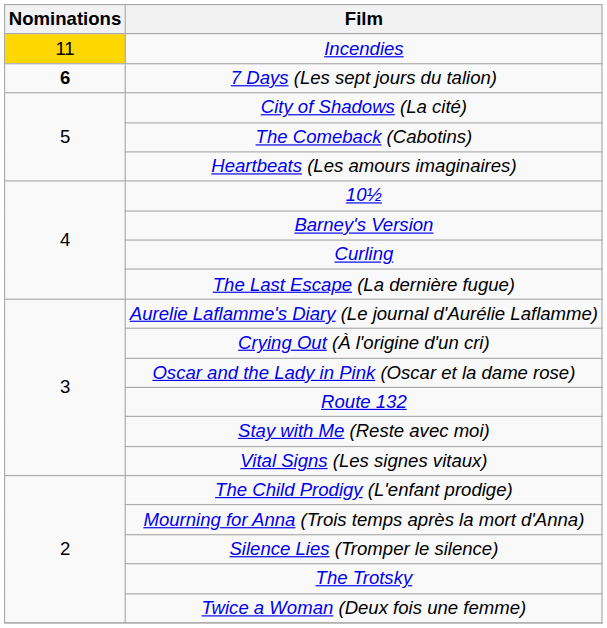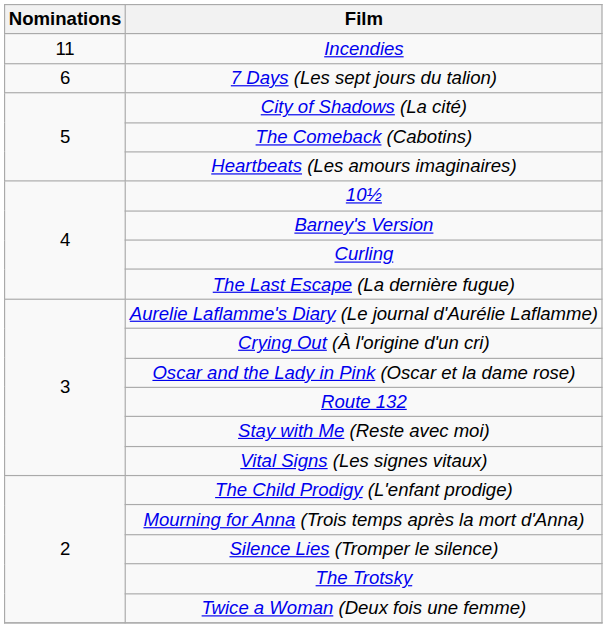 <table class="wikitable" style="text-align:center;">
 <tr>
 <th scope="col" width="17">Nominations</th>
 <th scope="col" align="center">Film</th>
 </tr>
 <tr>
-<td rowspan="1" style="background: gold; text-align:center;">11</td>
+<td rowspan="1" style="text-align:center;">11</td>
 <td><em><a href='#'>Incendies</a></em></td>
 </tr>
 <tr>
-<td rowspan="1" style="text-align:center;"><strong>6</strong></td>
+<td rowspan="1" style="text-align:center;">6</td>
 <td><em><a href='#'>7 Days</a> (Les sept jours du talion)</em></td>
 </tr>
 <tr>
 <td rowspan="3" style="text-align:center;">5</td>
 <td><em><a href='#'>City of Shadows</a> (La cité)</em></td>
 </tr>
 <tr>
 <td><em><a href='#'>The Comeback</a> (Cabotins)</em></td>
 </tr>
 <tr>
 <td><em><a href='#'>Heartbeats</a> (Les amours imaginaires)</em></td>
 </tr>
 <tr>
 <td rowspan="4" style="text-align:center;">4</td>
 <td><em><a href='#'>10½</a></em></td>
 </tr>
 <tr>
 <td><em><a href='#'>Barney's Version</a></em></td>
 </tr>
 <tr>
 <td><em><a href='#'>Curling</a></em></td>
 </tr>
 <tr>
 <td><em><a href='#'>The Last Escape</a> (La dernière fugue)</em></td>
 </tr>
 <tr>
 <td rowspan="6" style="text-align:center;">3</td>
 <td><em><a href='#'>Aurelie Laflamme's Diary</a> (Le journal d'Aurélie Laflamme)</em></td>
 </tr>
 <tr>
 <td><em><a href='#'>Crying Out</a> (À l'origine d'un cri)</em></td>
 </tr>
 <tr>
 <td><em><a href='#'>Oscar and the Lady in Pink</a> (Oscar et la dame rose)</em></td>
 </tr>
 <tr>
 <td><em><a href='#'>Route 132</a></em></td>
 </tr>
 <tr>
 <td><em><a href='#'>Stay with Me</a> (Reste avec moi)</em></td>
 </tr>
 <tr>
 <td><em><a href='#'>Vital Signs</a> (Les signes vitaux)</em></td>
 </tr>
 <tr>
 <td rowspan="5" style="text-align:center;">2</td>
 <td><em><a href='#'>The Child Prodigy</a> (L'enfant prodige)</em></td>
 </tr>
 <tr>
 <td><em><a href='#'>Mourning for Anna</a> (Trois temps après la mort d'Anna)</em></td>
 </tr>
 <tr>
 <td><em><a href='#'>Silence Lies</a> (Tromper le silence)</em></td>
 </tr>
 <tr>
 <td><em><a href='#'>The Trotsky</a></em></td>
 </tr>
 <tr>
 <td><em><a href='#'>Twice a Woman</a> (Deux fois une femme)</em></td>
 </tr>
 <tr>
 </tr>
 </table>
